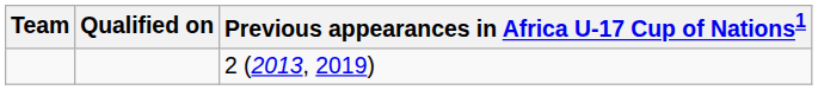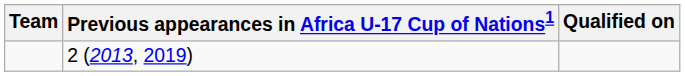 <table class="wikitable sortable">
 <tr>
 <th>Team</th>
+<th data-sort-type="number">Previous appearances in <a href='#'>Africa U-17 Cup of Nations</a><sup><strong><a href='#'>1</a></strong></sup></th>
 <th>Qualified on</th>
-<th data-sort-type="number">Previous appearances in <a href='#'>Africa U-17 Cup of Nations</a><sup><strong><a href='#'>1</a></strong></sup></th>
 </tr>
 <tr>
 <td></td>
+<td>2 (<em><a href='#'>2013</a></em>, <a href='#'>2019</a>)</td>
 <td></td>
-<td>2 (<em><a href='#'>2013</a></em>, <a href='#'>2019</a>)</td>
 </tr>
 </table>
